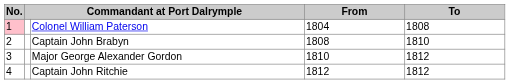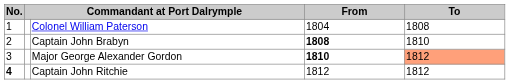 <table border="1" cellspacing="0" cellpadding="2" style="border-collapse:collapse;">
 <tr style="background:#ccc;">
 <th style="width:4%;">No.</th>
 <th colspan=2 style="width:56%;">Commandant at Port Dalrymple</th>
 <th style="width:20%;">From</th>
 <th style="width:20%;">To</th>
 </tr>
 <tr>
-<td style="background: pink;">1</td>
+<td>1</td>
 <td></td>
 <td><a href='#'>Colonel William Paterson</a></td>
 <td>1804</td>
 <td>1808</td>
 </tr>
 <tr>
 <td>2</td>
 <td></td>
 <td>Captain John Brabyn</td>
-<td>1808</td>
+<td><strong>1808</strong></td>
 <td>1810</td>
 </tr>
 <tr>
 <td>3</td>
 <td></td>
 <td>Major George Alexander Gordon</td>
-<td>1810</td>
-<td>1812</td>
+<td><strong>1810</strong></td>
+<td style="background: lightsalmon;">1812</td>
 </tr>
 <tr>
-<td>4</td>
+<td><strong>4</strong></td>
 <td></td>
 <td>Captain John Ritchie</td>
 <td>1812</td>
 <td>1812</td>
 </tr>
 </table>
